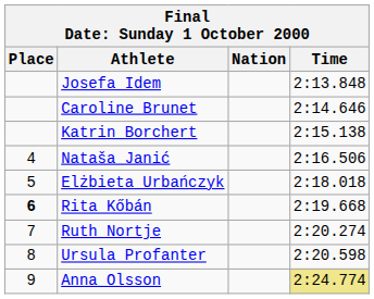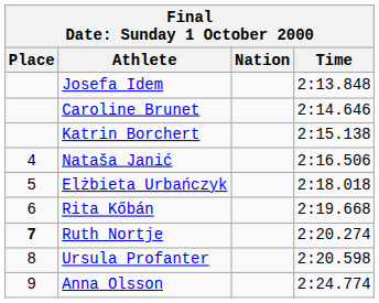 <table class="wikitable sortable">
 <tr>
 <th colspan=4>Final <br> Date: Sunday 1 October 2000</th>
 </tr>
 <tr>
 <th>Place</th>
 <th>Athlete</th>
 <th>Nation</th>
 <th>Time</th>
 </tr>
 <tr>
 <td align="center"></td>
 <td align="left"><a href='#'>Josefa Idem</a></td>
 <td align="left"></td>
 <td align="center">2:13.848</td>
 </tr>
 <tr>
 <td align="center"></td>
 <td align="left"><a href='#'>Caroline Brunet</a></td>
 <td align="left"></td>
 <td align="center">2:14.646</td>
 </tr>
 <tr>
 <td align="center"></td>
 <td align="left"><a href='#'>Katrin Borchert</a></td>
 <td align="left"></td>
 <td align="center">2:15.138</td>
 </tr>
 <tr>
 <td align="center">4</td>
 <td align="left"><a href='#'>Nataša Janić</a></td>
 <td align="left"></td>
 <td align="center">2:16.506</td>
 </tr>
 <tr>
 <td align="center">5</td>
 <td align="left"><a href='#'>Elżbieta Urbańczyk</a></td>
 <td align="left"></td>
 <td align="center">2:18.018</td>
 </tr>
 <tr>
-<td align="center"><strong>6</strong></td>
+<td align="center">6</td>
 <td align="left"><a href='#'>Rita Kőbán</a></td>
 <td align="left"></td>
 <td align="center">2:19.668</td>
 </tr>
 <tr>
-<td align="center">7</td>
+<td align="center"><strong>7</strong></td>
 <td align="left"><a href='#'>Ruth Nortje</a></td>
 <td align="left"></td>
 <td align="center">2:20.274</td>
 </tr>
 <tr>
 <td align="center">8</td>
 <td align="left"><a href='#'>Ursula Profanter</a></td>
 <td align="left"></td>
 <td align="center">2:20.598</td>
 </tr>
 <tr>
 <td align="center">9</td>
 <td align="left"><a href='#'>Anna Olsson</a></td>
 <td align="left"></td>
-<td align="center" style="background: khaki;">2:24.774</td>
+<td align="center">2:24.774</td>
 </tr>
 </table>
